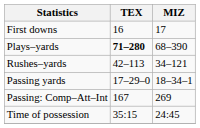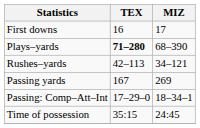 <table class="wikitable">
 <tr>
 <th>Statistics</th>
 <th>TEX</th>
 <th>MIZ</th>
 </tr>
 <tr>
 <td>First downs</td>
 <td>16</td>
 <td>17</td>
 </tr>
 <tr>
 <td>Plays–yards</td>
 <td><strong>71–280</strong></td>
 <td>68–390</td>
 </tr>
 <tr>
 <td>Rushes–yards</td>
 <td>42–113</td>
 <td>34–121</td>
 </tr>
 <tr>
 <td>Passing yards</td>
-<td>17–29–0</td>
-<td>18–34–1</td>
+<td>167</td>
+<td>269</td>
 </tr>
 <tr>
 <td>Passing: Comp–Att–Int</td>
-<td>167</td>
-<td>269</td>
+<td>17–29–0</td>
+<td>18–34–1</td>
 </tr>
 <tr>
 <td>Time of possession</td>
 <td>35:15</td>
 <td>24:45</td>
 </tr>
 <tr>
 </tr>
 </table>
